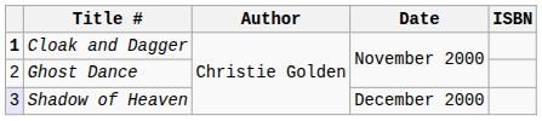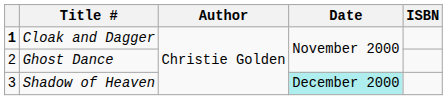 <table class="wikitable">
 <tr>
 <th></th>
 <th>Title #</th>
 <th>Author</th>
 <th>Date</th>
 <th>ISBN</th>
 </tr>
 <tr>
 <td><strong>1</strong></td>
 <td><em>Cloak and Dagger</em></td>
 <td rowspan="3">Christie Golden</td>
 <td rowspan="2">November 2000</td>
 <td></td>
 </tr>
 <tr>
 <td>2</td>
 <td><em>Ghost Dance</em></td>
 <td></td>
 </tr>
 <tr>
-<td style="background: lavender;">3</td>
+<td>3</td>
 <td><em>Shadow of Heaven</em></td>
-<td>December 2000</td>
+<td style="background: paleturquoise;">December 2000</td>
 <td></td>
 </tr>
 </table>
